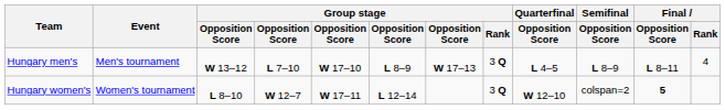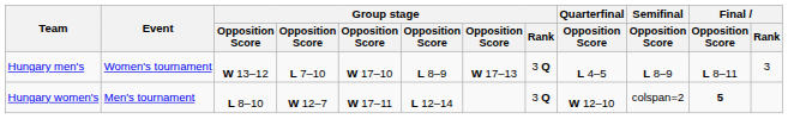 <table class=wikitable style=font-size:90%;text-align:center>
 <tr>
 <th rowspan=2>Team</th>
 <th rowspan=2>Event</th>
 <th colspan=6>Group stage</th>
 <th>Quarterfinal</th>
 <th>Semifinal</th>
 <th colspan=2>Final / </th>
 </tr>
 <tr style=font-size:95%>
 <th>Opposition<br>Score</th>
 <th>Opposition<br>Score</th>
 <th>Opposition<br>Score</th>
 <th>Opposition<br>Score</th>
 <th>Opposition<br>Score</th>
 <th>Rank</th>
 <th>Opposition<br>Score</th>
 <th>Opposition<br>Score</th>
 <th>Opposition<br>Score</th>
 <th>Rank</th>
 </tr>
 <tr>
 <td align=left><a href='#'>Hungary men's</a></td>
-<td align=left><a href='#'>Men's tournament</a></td>
+<td align=left><a href='#'>Women's tournament</a></td>
 <td><br><strong>W</strong> 13–12</td>
 <td><br><strong>L</strong> 7–10</td>
 <td><br><strong>W</strong> 17–10</td>
 <td><br><strong>L</strong> 8–9</td>
 <td><br><strong>W</strong> 17–13</td>
 <td>3 <strong>Q</strong></td>
 <td><br><strong>L</strong> 4–5</td>
 <td><br><strong>L</strong> 8–9</td>
 <td><br><strong>L</strong> 8–11</td>
-<td>4</td>
+<td>3</td>
 </tr>
 <tr>
 <td align=left><a href='#'>Hungary women's</a></td>
-<td align=left><a href='#'>Women's tournament</a></td>
+<td align=left><a href='#'>Men's tournament</a></td>
 <td><br><strong>L</strong> 8–10</td>
 <td><br><strong>W</strong> 12–7</td>
 <td><br><strong>W</strong> 17–11</td>
 <td><br><strong>L</strong> 12–14</td>
 <td></td>
 <td>3 <strong>Q</strong></td>
 <td><br><strong>W</strong> 12–10</td>
 <td>colspan=2 </td>
 <td><strong>5</strong></td>
 </tr>
 </table>
